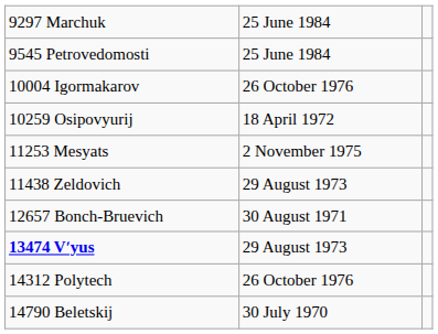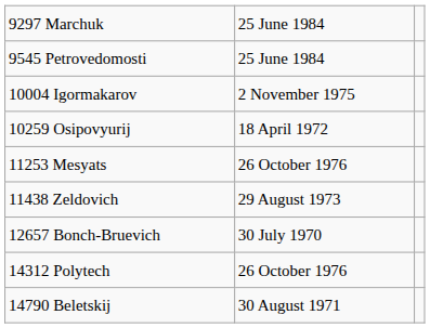 <table class="wikitable" style="font-size: 89%; float: left; width: 26em; margin-right: 1em; height: 280px;">
 <tr>
 <td>9297 Marchuk</td>
 <td>25 June 1984</td>
 <td></td>
 </tr>
 <tr>
 <td>9545 Petrovedomosti</td>
 <td>25 June 1984</td>
 <td></td>
 </tr>
 <tr>
 <td>10004 Igormakarov</td>
-<td>26 October 1976</td>
+<td>2 November 1975</td>
 <td></td>
 </tr>
 <tr>
 <td>10259 Osipovyurij</td>
 <td>18 April 1972</td>
 <td></td>
 </tr>
 <tr>
 <td>11253 Mesyats</td>
-<td>2 November 1975</td>
+<td>26 October 1976</td>
 <td></td>
 </tr>
 <tr>
 <td>11438 Zeldovich</td>
 <td>29 August 1973</td>
 <td></td>
 </tr>
 <tr>
 <td>12657 Bonch-Bruevich</td>
-<td>30 August 1971</td>
-<td></td>
-</tr>
-<tr>
-<td><strong><a href='#'>13474 Vʹyus</a></strong></td>
-<td>29 August 1973</td>
+<td>30 July 1970</td>
 <td></td>
 </tr>
 <tr>
 <td>14312 Polytech</td>
 <td>26 October 1976</td>
 <td></td>
 </tr>
 <tr>
 <td>14790 Beletskij</td>
-<td>30 July 1970</td>
+<td>30 August 1971</td>
 <td></td>
 </tr>
 </table>
